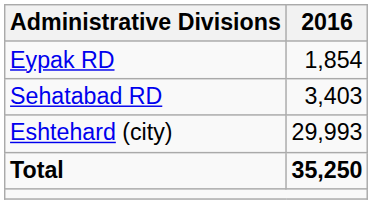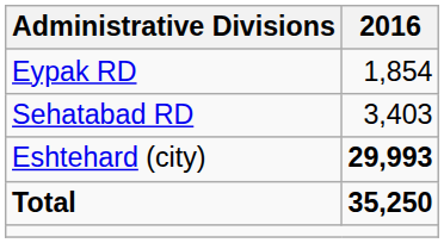 <table class="wikitable">
 <tr>
 <th>Administrative Divisions</th>
 <th>2016</th>
 </tr>
 <tr>
 <td><a href='#'>Eypak RD</a></td>
 <td style="text-align: right;">1,854</td>
 </tr>
 <tr>
 <td><a href='#'>Sehatabad RD</a></td>
 <td style="text-align: right;">3,403</td>
 </tr>
 <tr>
 <td><a href='#'>Eshtehard</a> (city)</td>
-<td style="text-align: right;">29,993</td>
+<td style="text-align: right;"><strong>29,993</strong></td>
 </tr>
 <tr>
 <td><strong>Total</strong></td>
 <td style="text-align: right;"><strong>35,250</strong></td>
 </tr>
 <tr>
 <td colspan=2></td>
 </tr>
 </table>
